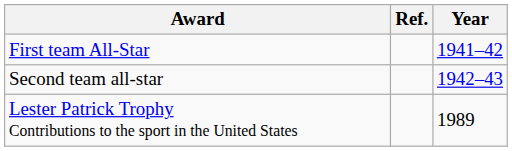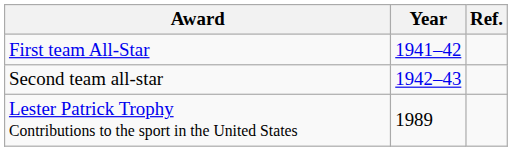 <table class="wikitable">
 <tr>
 <th scope="col" style="width:20em">Award</th>
+<th scope="col">Year</th>
 <th scope="col">Ref.</th>
-<th scope="col">Year</th>
 </tr>
 <tr>
 <td><a href='#'>First team All-Star</a></td>
+<td><a href='#'>1941–42</a></td>
 <td></td>
-<td><a href='#'>1941–42</a></td>
 </tr>
 <tr>
 <td>Second team all-star</td>
+<td><a href='#'>1942–43</a></td>
 <td></td>
-<td><a href='#'>1942–43</a></td>
 </tr>
 <tr>
 <td><a href='#'>Lester Patrick Trophy</a><br><small>Contributions to the sport in the United States</small></td>
+<td>1989</td>
 <td></td>
-<td>1989</td>
 </tr>
 </table>
